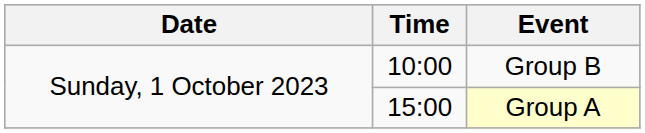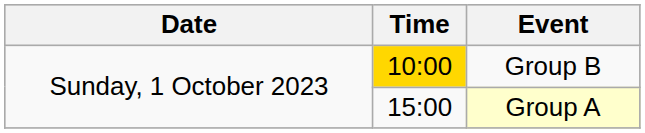 <table class="wikitable" style="text-align:center;">
 <tr>
 <th width=220>Date</th>
 <th width=50>Time</th>
 <th width=100>Event</th>
 </tr>
 <tr>
 <td rowspan=2>Sunday, 1 October 2023</td>
-<td>10:00</td>
+<td style="background: gold;">10:00</td>
 <td>Group B</td>
 </tr>
 <tr>
 <td>15:00</td>
 <td bgcolor="ffffcc">Group A</td>
 </tr>
 </table>
